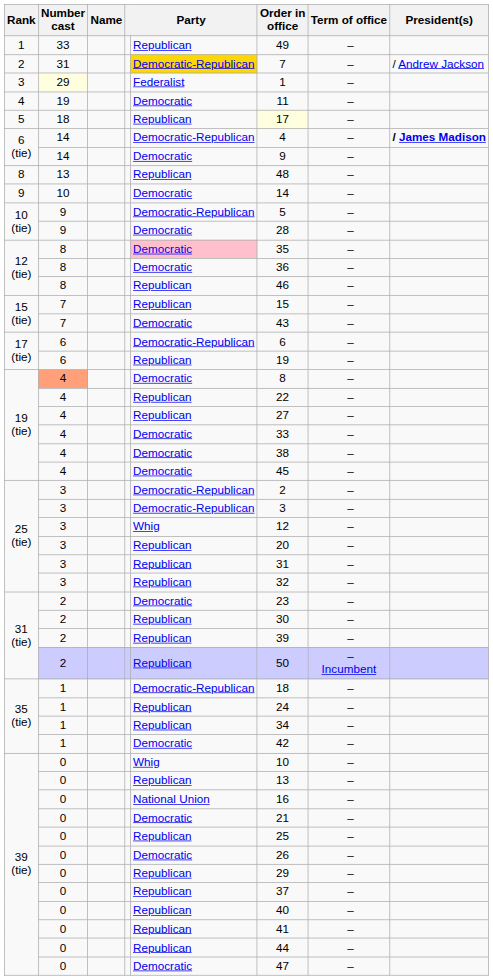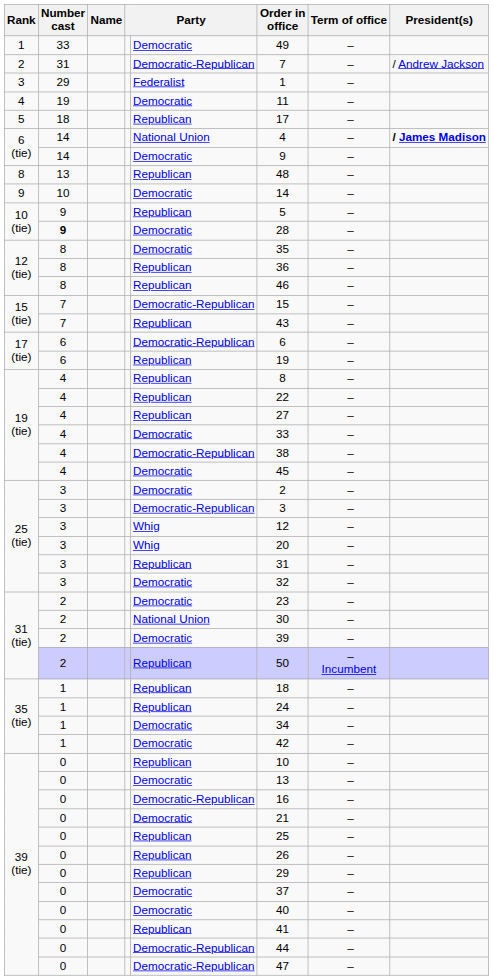 <table class="wikitable sortable" style="text-align:center;">
 <tr>
 <th>Rank</th>
 <th>Number<br>cast</th>
 <th>Name</th>
 <th colspan="2">Party</th>
 <th>Order in<br>office</th>
 <th>Term of office</th>
 <th>President(s)</th>
 </tr>
 <tr>
 <td>1</td>
 <td>33</td>
 <td style="text-align:left;"></td>
 <td></td>
-<td style="text-align:left;"><a href='#'>Republican</a></td>
+<td style="text-align:left;"><a href='#'>Democratic</a></td>
 <td>49</td>
 <td> –<br></td>
 <td style="text-align:left;"></td>
 </tr>
 <tr>
 <td>2</td>
 <td>31</td>
 <td nowrap="nowrap" style="text-align:left;"></td>
 <td></td>
-<td style="background: gold; text-align:left;"><a href='#'>Democratic-Republican</a></td>
+<td style="text-align:left;"><a href='#'>Democratic-Republican</a></td>
 <td>7</td>
 <td> –<br></td>
 <td style="text-align:left;"> / <a href='#'>Andrew Jackson</a></td>
 </tr>
 <tr>
 <td align="center">3</td>
-<td align="center" style="background: lightyellow;">29</td>
+<td align="center">29</td>
 <td nowrap="nowrap" style="text-align:left;"></td>
 <td></td>
 <td style="text-align:left;"><a href='#'>Federalist</a></td>
 <td>1</td>
 <td> –<br></td>
 <td style="text-align:left;"></td>
 </tr>
 <tr>
 <td>4</td>
 <td>19</td>
 <td nowrap="nowrap" style="text-align:left;"></td>
 <td></td>
 <td style="text-align:left;"><a href='#'>Democratic</a></td>
 <td>11</td>
 <td> –<br></td>
 <td style="text-align:left;"></td>
 </tr>
 <tr>
 <td>5</td>
 <td>18</td>
 <td nowrap="nowrap" style="text-align:left;"></td>
 <td></td>
 <td style="text-align:left;"><a href='#'>Republican</a></td>
-<td style="background: lightyellow;">17</td>
+<td>17</td>
 <td> –<br></td>
 <td style="text-align:left;"></td>
 </tr>
 <tr>
 <td rowspan="2">6<br>(tie)</td>
 <td>14</td>
 <td nowrap="nowrap" style="text-align:left;"></td>
 <td></td>
-<td style="text-align:left;"><a href='#'>Democratic-Republican</a></td>
+<td style="text-align:left;"><a href='#'>National Union</a></td>
 <td>4</td>
 <td> –<br></td>
 <td style="text-align:left;"><strong> / <a href='#'>James Madison</a></strong></td>
 </tr>
 <tr>
 <td>14</td>
 <td nowrap="nowrap" style="text-align:left;"></td>
 <td></td>
 <td style="text-align:left;"><a href='#'>Democratic</a></td>
 <td>9</td>
 <td> –<br></td>
 <td style="text-align:left;"></td>
 </tr>
 <tr>
 <td>8</td>
 <td>13</td>
 <td nowrap="nowrap" style="text-align:left;"></td>
 <td></td>
 <td style="text-align:left;"><a href='#'>Republican</a></td>
 <td>48</td>
 <td> –<br></td>
 <td style="text-align:left;"></td>
 </tr>
 <tr>
 <td>9</td>
 <td>10</td>
 <td nowrap="nowrap" style="text-align:left;"></td>
 <td></td>
 <td style="text-align:left;"><a href='#'>Democratic</a></td>
 <td>14</td>
 <td> –<br></td>
 <td style="text-align:left;"></td>
 </tr>
 <tr>
 <td rowspan="2">10<br>(tie)</td>
 <td>9</td>
 <td nowrap="nowrap" style="text-align:left;"></td>
 <td></td>
-<td style="text-align:left;"><a href='#'>Democratic-Republican</a></td>
+<td style="text-align:left;"><a href='#'>Republican</a></td>
 <td>5</td>
 <td> –<br></td>
 <td style="text-align:left;"></td>
 </tr>
 <tr>
-<td>9</td>
+<td><strong>9</strong></td>
 <td nowrap="nowrap" style="text-align:left;"></td>
 <td></td>
 <td style="text-align:left;"><a href='#'>Democratic</a></td>
 <td>28</td>
 <td> –<br></td>
 <td style="text-align:left;"></td>
 </tr>
 <tr>
 <td rowspan="3">12<br>(tie)</td>
 <td>8</td>
 <td nowrap="nowrap" style="text-align:left;"></td>
 <td></td>
-<td style="background: pink; text-align:left;"><a href='#'>Democratic</a></td>
+<td style="text-align:left;"><a href='#'>Democratic</a></td>
 <td>35</td>
 <td> –<br></td>
 <td style="text-align:left;"></td>
 </tr>
 <tr>
 <td>8</td>
 <td nowrap="nowrap" style="text-align:left;"></td>
 <td></td>
-<td style="text-align:left;"><a href='#'>Democratic</a></td>
+<td style="text-align:left;"><a href='#'>Republican</a></td>
 <td>36</td>
 <td> –<br></td>
 <td style="text-align:left;"></td>
 </tr>
 <tr>
 <td>8</td>
 <td nowrap="nowrap" style="text-align:left;"></td>
 <td></td>
 <td style="text-align:left;"><a href='#'>Republican</a></td>
 <td>46</td>
 <td> –<br></td>
 <td style="text-align:left;"></td>
 </tr>
 <tr>
 <td rowspan="2">15<br>(tie)</td>
 <td>7</td>
 <td nowrap="nowrap" style="text-align:left;"></td>
 <td></td>
-<td style="text-align:left;"><a href='#'>Republican</a></td>
+<td style="text-align:left;"><a href='#'>Democratic-Republican</a></td>
 <td>15</td>
 <td> –<br></td>
 <td style="text-align:left;"></td>
 </tr>
 <tr>
 <td>7</td>
 <td nowrap="nowrap" style="text-align:left;"></td>
 <td></td>
-<td style="text-align:left;"><a href='#'>Democratic</a></td>
+<td style="text-align:left;"><a href='#'>Republican</a></td>
 <td>43</td>
 <td> –<br></td>
 <td style="text-align:left;"></td>
 </tr>
 <tr>
 <td rowspan="2">17<br>(tie)</td>
 <td>6</td>
 <td nowrap="nowrap" style="text-align:left;"></td>
 <td></td>
 <td style="text-align:left;"><a href='#'>Democratic-Republican</a></td>
 <td>6</td>
 <td> –<br></td>
 <td style="text-align:left;"></td>
 </tr>
 <tr>
 <td>6</td>
 <td nowrap="nowrap" style="text-align:left;"></td>
 <td></td>
 <td style="text-align:left;"><a href='#'>Republican</a></td>
 <td>19</td>
 <td> –<br></td>
 <td style="text-align:left;"></td>
 </tr>
 <tr>
 <td rowspan="6">19<br>(tie)</td>
-<td style="background: lightsalmon;">4</td>
+<td>4</td>
 <td nowrap="nowrap" style="text-align:left;"></td>
 <td></td>
-<td style="text-align:left;"><a href='#'>Democratic</a></td>
+<td style="text-align:left;"><a href='#'>Republican</a></td>
 <td>8</td>
 <td> –<br></td>
 <td style="text-align:left;"></td>
 </tr>
 <tr>
 <td>4</td>
 <td nowrap="nowrap" style="text-align:left;"></td>
 <td></td>
 <td style="text-align:left;"><a href='#'>Republican</a></td>
 <td>22</td>
 <td> –<br></td>
 <td style="text-align:left;"></td>
 </tr>
 <tr>
 <td>4</td>
 <td nowrap="nowrap" style="text-align:left;"></td>
 <td></td>
 <td style="text-align:left;"><a href='#'>Republican</a></td>
 <td>27</td>
 <td> –<br></td>
 <td style="text-align:left;"></td>
 </tr>
 <tr>
 <td>4</td>
 <td nowrap="nowrap" style="text-align:left;"></td>
 <td></td>
 <td style="text-align:left;"><a href='#'>Democratic</a></td>
 <td>33</td>
 <td> –<br></td>
 <td style="text-align:left;"></td>
 </tr>
 <tr>
 <td>4</td>
 <td nowrap="nowrap" style="text-align:left;"></td>
 <td></td>
-<td style="text-align:left;"><a href='#'>Democratic</a></td>
+<td style="text-align:left;"><a href='#'>Democratic-Republican</a></td>
 <td>38</td>
 <td> –<br></td>
 <td style="text-align:left;"></td>
 </tr>
 <tr>
 <td>4</td>
 <td nowrap="nowrap" style="text-align:left;"></td>
 <td></td>
 <td style="text-align:left;"><a href='#'>Democratic</a></td>
 <td>45</td>
 <td> –<br></td>
 <td style="text-align:left;"></td>
 </tr>
 <tr>
 <td rowspan="6">25<br>(tie)</td>
 <td>3</td>
 <td nowrap="nowrap" style="text-align:left;"></td>
 <td></td>
-<td style="text-align:left;"><a href='#'>Democratic-Republican</a></td>
+<td style="text-align:left;"><a href='#'>Democratic</a></td>
 <td>2</td>
 <td> –<br></td>
 <td style="text-align:left;"></td>
 </tr>
 <tr>
 <td>3</td>
 <td nowrap="nowrap" style="text-align:left;"></td>
 <td></td>
 <td style="text-align:left;"><a href='#'>Democratic-Republican</a></td>
 <td>3</td>
 <td> –<br></td>
 <td style="text-align:left;"></td>
 </tr>
 <tr>
 <td>3</td>
 <td nowrap="nowrap" style="text-align:left;"></td>
 <td></td>
 <td style="text-align:left;"><a href='#'>Whig</a></td>
 <td>12</td>
 <td> –<br></td>
 <td style="text-align:left;"></td>
 </tr>
 <tr>
 <td>3</td>
 <td nowrap="nowrap" style="text-align:left;"></td>
 <td></td>
-<td style="text-align:left;"><a href='#'>Republican</a></td>
+<td style="text-align:left;"><a href='#'>Whig</a></td>
 <td>20</td>
 <td> –<br></td>
 <td style="text-align:left;"></td>
 </tr>
 <tr>
 <td>3</td>
 <td nowrap="nowrap" style="text-align:left;"></td>
 <td></td>
 <td style="text-align:left;"><a href='#'>Republican</a></td>
 <td>31</td>
 <td> –<br></td>
 <td style="text-align:left;"></td>
 </tr>
 <tr>
 <td>3</td>
 <td nowrap="nowrap" style="text-align:left;"></td>
 <td></td>
-<td style="text-align:left;"><a href='#'>Republican</a></td>
+<td style="text-align:left;"><a href='#'>Democratic</a></td>
 <td>32</td>
 <td> –<br></td>
 <td style="text-align:left;"></td>
 </tr>
 <tr>
 <td rowspan="4">31<br>(tie)</td>
 <td>2</td>
 <td nowrap="nowrap" style="text-align:left;"></td>
 <td></td>
 <td style="text-align:left;"><a href='#'>Democratic</a></td>
 <td>23</td>
 <td> –<br></td>
 <td style="text-align:left;"></td>
 </tr>
 <tr>
 <td>2</td>
 <td nowrap="nowrap" style="text-align:left;"></td>
 <td></td>
-<td style="text-align:left;"><a href='#'>Republican</a></td>
+<td style="text-align:left;"><a href='#'>National Union</a></td>
 <td>30</td>
 <td> –<br></td>
 <td style="text-align:left;"></td>
 </tr>
 <tr>
 <td>2</td>
 <td nowrap="nowrap" style="text-align:left;"></td>
 <td></td>
-<td style="text-align:left;"><a href='#'>Republican</a></td>
+<td style="text-align:left;"><a href='#'>Democratic</a></td>
 <td>39</td>
 <td> –<br></td>
 <td style="text-align:left;"></td>
 </tr>
 <tr bgcolor="#CCCCFF">
 <td>2</td>
 <td style="text-align:left;"></td>
 <td></td>
 <td style="text-align:left;"><a href='#'>Republican</a></td>
 <td>50</td>
 <td> –<br><a href='#'>Incumbent</a></td>
 <td style="text-align:left;"></td>
 </tr>
 <tr>
 <td rowspan="4">35<br>(tie)</td>
 <td>1</td>
 <td nowrap="nowrap" style="text-align:left;"></td>
 <td></td>
-<td style="text-align:left;"><a href='#'>Democratic-Republican</a></td>
+<td style="text-align:left;"><a href='#'>Republican</a></td>
 <td>18</td>
 <td> –<br></td>
 <td style="text-align:left;"></td>
 </tr>
 <tr>
 <td>1</td>
 <td nowrap="nowrap" style="text-align:left;"></td>
 <td></td>
 <td style="text-align:left;"><a href='#'>Republican</a></td>
 <td>24</td>
 <td> –<br></td>
 <td style="text-align:left;"></td>
 </tr>
 <tr>
 <td>1</td>
 <td nowrap="nowrap" style="text-align:left;"></td>
 <td></td>
-<td style="text-align:left;"><a href='#'>Republican</a></td>
+<td style="text-align:left;"><a href='#'>Democratic</a></td>
 <td>34</td>
 <td> –<br></td>
 <td style="text-align:left;"></td>
 </tr>
 <tr>
 <td>1</td>
 <td nowrap="nowrap" style="text-align:left;"></td>
 <td></td>
 <td style="text-align:left;"><a href='#'>Democratic</a></td>
 <td>42</td>
 <td> –<br></td>
 <td style="text-align:left;"></td>
 </tr>
 <tr>
 <td rowspan="12">39<br>(tie)</td>
 <td>0</td>
 <td nowrap="nowrap" style="text-align:left;"></td>
 <td></td>
-<td style="text-align:left;"><a href='#'>Whig</a></td>
+<td style="text-align:left;"><a href='#'>Republican</a></td>
 <td>10</td>
 <td> –<br></td>
 <td style="text-align:left;"></td>
 </tr>
 <tr>
 <td>0</td>
 <td nowrap="nowrap" style="text-align:left;"></td>
 <td></td>
-<td style="text-align:left;"><a href='#'>Republican</a></td>
+<td style="text-align:left;"><a href='#'>Democratic</a></td>
 <td>13</td>
 <td> –<br></td>
 <td style="text-align:left;"></td>
 </tr>
 <tr>
 <td>0</td>
 <td nowrap="nowrap" style="text-align:left;"></td>
 <td></td>
-<td style="text-align:left;"><a href='#'>National Union</a></td>
+<td style="text-align:left;"><a href='#'>Democratic-Republican</a></td>
 <td>16</td>
 <td> –<br></td>
 <td style="text-align:left;"></td>
 </tr>
 <tr>
 <td>0</td>
 <td nowrap="nowrap" style="text-align:left;"></td>
 <td></td>
 <td style="text-align:left;"><a href='#'>Democratic</a></td>
 <td>21</td>
 <td> –<br></td>
 <td style="text-align:left;"></td>
 </tr>
 <tr>
 <td>0</td>
 <td nowrap="nowrap" style="text-align:left;"></td>
 <td></td>
 <td style="text-align:left;"><a href='#'>Republican</a></td>
 <td>25</td>
 <td> –<br></td>
 <td style="text-align:left;"></td>
 </tr>
 <tr>
 <td>0</td>
 <td nowrap="nowrap" style="text-align:left;"></td>
 <td></td>
-<td style="text-align:left;"><a href='#'>Democratic</a></td>
+<td style="text-align:left;"><a href='#'>Republican</a></td>
 <td>26</td>
 <td> –<br></td>
 <td style="text-align:left;"></td>
 </tr>
 <tr>
 <td>0</td>
 <td nowrap="nowrap" style="text-align:left;"></td>
 <td></td>
 <td style="text-align:left;"><a href='#'>Republican</a></td>
 <td>29</td>
 <td> –<br></td>
 <td style="text-align:left;"></td>
 </tr>
 <tr>
 <td>0</td>
 <td nowrap="nowrap" style="text-align:left;"></td>
 <td></td>
-<td style="text-align:left;"><a href='#'>Republican</a></td>
+<td style="text-align:left;"><a href='#'>Democratic</a></td>
 <td>37</td>
 <td> –<br></td>
 <td style="text-align:left;"></td>
 </tr>
 <tr>
 <td>0</td>
 <td nowrap="nowrap" style="text-align:left;"></td>
 <td></td>
-<td style="text-align:left;"><a href='#'>Republican</a></td>
+<td style="text-align:left;"><a href='#'>Democratic</a></td>
 <td>40</td>
 <td> –<br></td>
 <td style="text-align:left;"></td>
 </tr>
 <tr>
 <td>0</td>
 <td nowrap="nowrap" style="text-align:left;"></td>
 <td></td>
 <td style="text-align:left;"><a href='#'>Republican</a></td>
 <td>41</td>
 <td> –<br></td>
 <td style="text-align:left;"></td>
 </tr>
 <tr>
 <td>0</td>
 <td nowrap="nowrap" style="text-align:left;"></td>
 <td></td>
-<td style="text-align:left;"><a href='#'>Republican</a></td>
+<td style="text-align:left;"><a href='#'>Democratic-Republican</a></td>
 <td>44</td>
 <td> –<br></td>
 <td style="text-align:left;"></td>
 </tr>
 <tr>
 <td>0</td>
 <td nowrap="nowrap" style="text-align:left;"></td>
 <td></td>
-<td style="text-align:left;"><a href='#'>Democratic</a></td>
+<td style="text-align:left;"><a href='#'>Democratic-Republican</a></td>
 <td>47</td>
 <td> –<br></td>
 <td style="text-align:left;"></td>
 </tr>
 </table>
